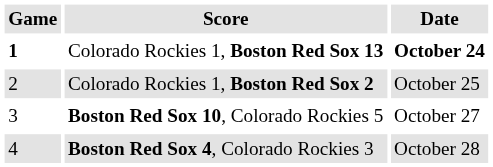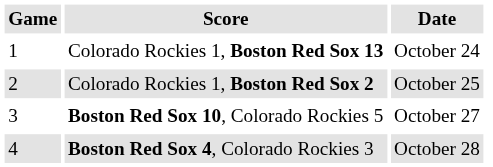 <table border="0" cellspacing="3" cellpadding="3">
 <tr style="background: #e3e3e3;">
 <th>Game</th>
 <th>Score</th>
 <th>Date</th>
 </tr>
 <tr>
-<td><strong>1</strong></td>
+<td>1</td>
 <td>Colorado Rockies 1, <strong>Boston Red Sox 13</strong></td>
-<td><strong>October 24</strong></td>
+<td>October 24</td>
 </tr>
 <tr style="background: #e3e3e3;">
 <td>2</td>
 <td>Colorado Rockies 1, <strong>Boston Red Sox 2</strong></td>
 <td>October 25</td>
 </tr>
 <tr>
 <td>3</td>
 <td><strong>Boston Red Sox 10</strong>, Colorado Rockies 5</td>
 <td>October 27</td>
 </tr>
 <tr style="background: #e3e3e3;">
 <td>4</td>
 <td><strong>Boston Red Sox 4</strong>, Colorado Rockies 3</td>
 <td>October 28</td>
 </tr>
 <tr Boston Red Sox 4 Colorado Rockies 3>
 </tr>
 <tr style="background: #e3e3e3;">
 </tr>
 </table>
